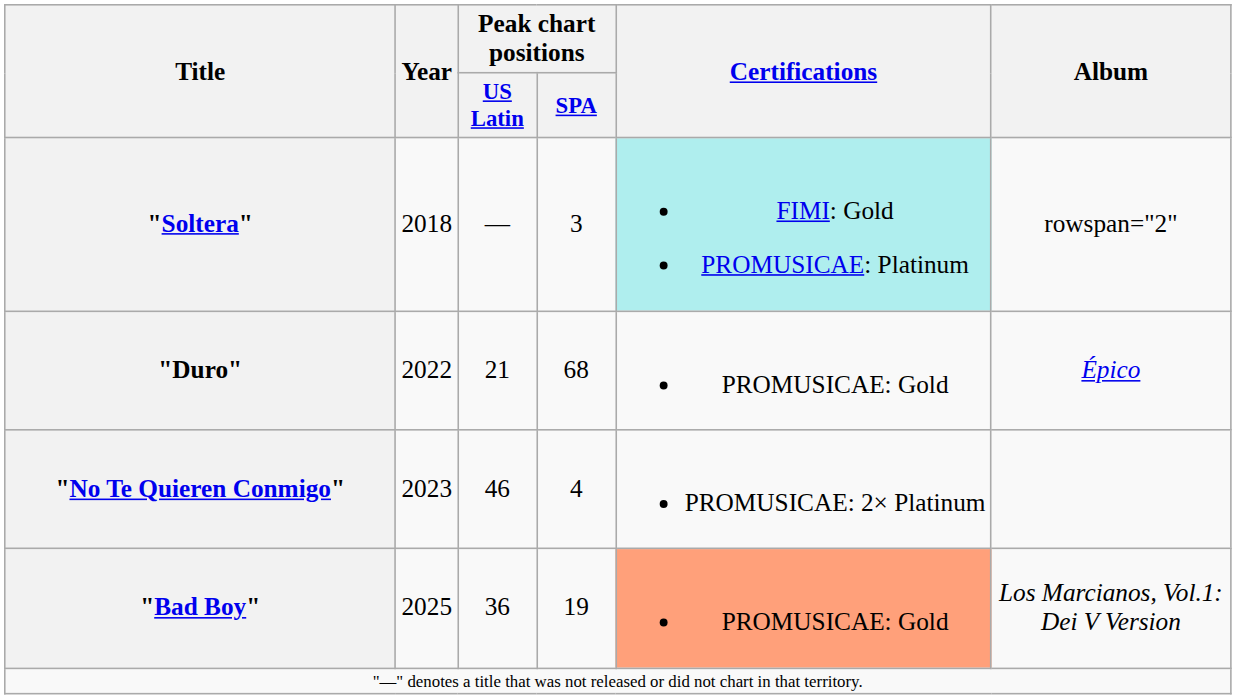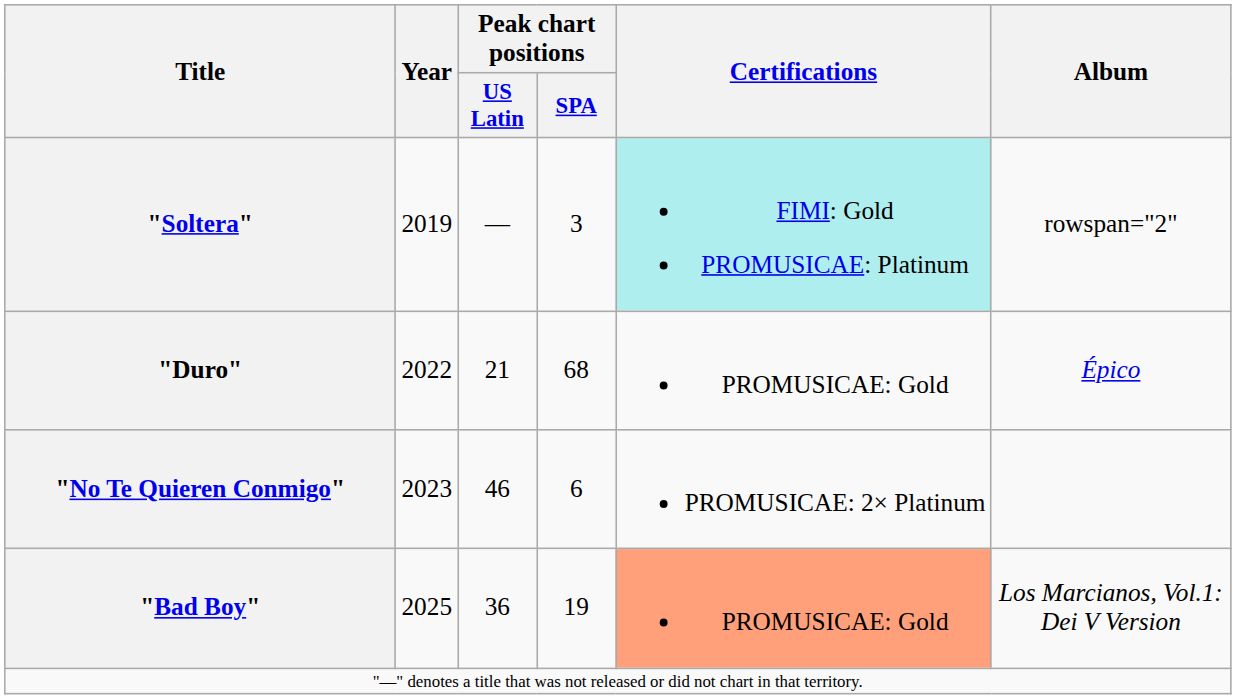 <table class="wikitable plainrowheaders" style="text-align:center;">
 <tr>
 <th scope="col" rowspan="2" style="width:15em;">Title</th>
 <th scope="col" rowspan="2" style="width:1em;">Year</th>
 <th scope="col" colspan="2">Peak chart positions</th>
 <th scope="col" rowspan="2"><a href='#'>Certifications</a></th>
 <th scope="col" rowspan="2" style="width:9em;">Album</th>
 </tr>
 <tr>
 <th scope="col" style="width:3em;font-size:90%;"><a href='#'>US<br>Latin</a><br></th>
 <th scope="col" style="width:3em;font-size:90%;"><a href='#'>SPA</a><br></th>
 </tr>
 <tr>
 <th scope="row">"<a href='#'>Soltera</a>"<br></th>
-<td rowspan="1">2018</td>
+<td rowspan="1">2019</td>
 <td>—</td>
 <td>3</td>
 <td style="background: paleturquoise;"><br><ul><li><a href='#'>FIMI</a>: Gold</li></ul><ul><li><a href='#'>PROMUSICAE</a>: Platinum</li></ul></td>
 <td>rowspan="2" </td>
 </tr>
 <tr>
 <th scope="row">"Duro"<br></th>
 <td rowspan="1">2022</td>
 <td>21</td>
 <td>68</td>
 <td><br><ul><li>PROMUSICAE: Gold</li></ul></td>
 <td><em><a href='#'>Épico</a></em></td>
 </tr>
 <tr>
 <th scope="row">"<a href='#'>No Te Quieren Conmigo</a>"<br></th>
 <td rowspan="1">2023</td>
 <td>46</td>
-<td>4</td>
+<td>6</td>
 <td><br><ul><li>PROMUSICAE: 2× Platinum</li></ul></td>
 </tr>
 <tr>
 <th scope="row">"<a href='#'>Bad Boy</a>"<br></th>
 <td rowspan="1">2025</td>
 <td>36</td>
 <td>19</td>
 <td style="background: lightsalmon;"><br><ul><li>PROMUSICAE: Gold</li></ul></td>
 <td rowspan="1"><em>Los Marcianos, Vol.1: Dei V Version</em></td>
 </tr>
 <tr>
 <td colspan="14" style="font-size:8pt;">"—" denotes a title that was not released or did not chart in that territory.</td>
 </tr>
 </table>
